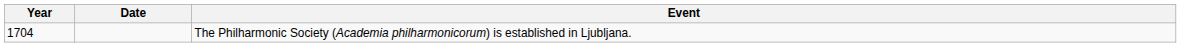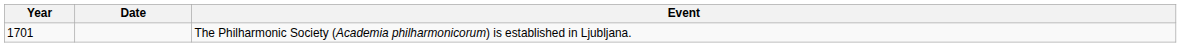 <table class="wikitable" width="100%">
 <tr>
 <th style="width:6%">Year</th>
 <th style="width:10%">Date</th>
 <th>Event</th>
 </tr>
 <tr>
-<td>1704</td>
+<td>1701</td>
 <td></td>
 <td>The Philharmonic Society (<em>Academia philharmonicorum</em>) is established in Ljubljana.</td>
 </tr>
 </table>
